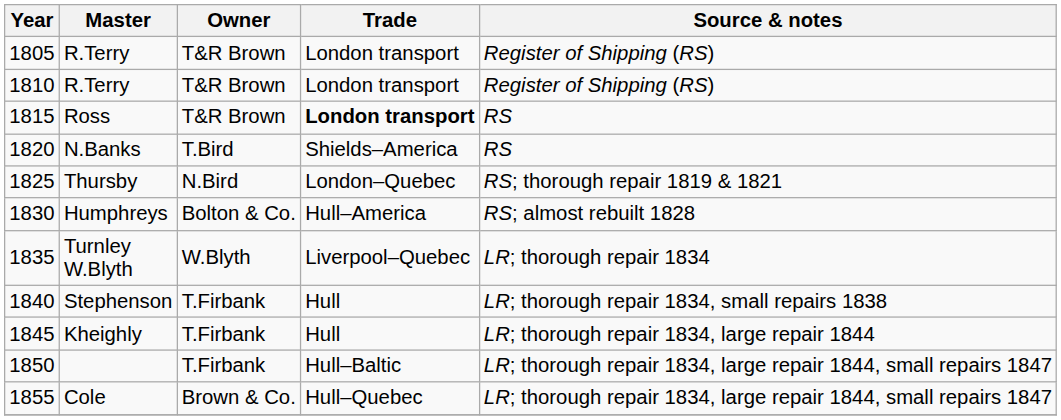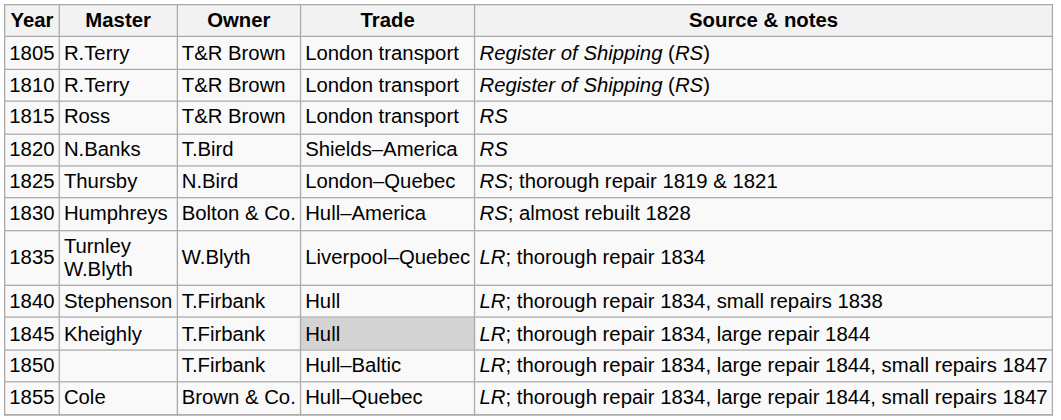 <table class=" wikitable">
 <tr>
 <th>Year</th>
 <th>Master</th>
 <th>Owner</th>
 <th>Trade</th>
 <th>Source & notes</th>
 </tr>
 <tr>
 <td>1805</td>
 <td>R.Terry</td>
 <td>T&R Brown</td>
 <td>London transport</td>
 <td><em>Register of Shipping</em> (<em>RS</em>)</td>
 </tr>
 <tr>
 <td>1810</td>
 <td>R.Terry</td>
 <td>T&R Brown</td>
 <td>London transport</td>
 <td><em>Register of Shipping</em> (<em>RS</em>)</td>
 </tr>
 <tr>
 <td>1815</td>
 <td>Ross</td>
 <td>T&R Brown</td>
-<td><strong>London transport</strong></td>
+<td>London transport</td>
 <td><em>RS</em></td>
 </tr>
 <tr>
 <td>1820</td>
 <td>N.Banks</td>
 <td>T.Bird</td>
 <td>Shields–America</td>
 <td><em>RS</em></td>
 </tr>
 <tr>
 <td>1825</td>
 <td>Thursby</td>
 <td>N.Bird</td>
 <td>London–Quebec</td>
 <td><em>RS</em>; thorough repair 1819 & 1821</td>
 </tr>
 <tr>
 <td>1830</td>
 <td>Humphreys</td>
 <td>Bolton & Co.</td>
 <td>Hull–America</td>
 <td><em>RS</em>; almost rebuilt 1828</td>
 </tr>
 <tr>
 <td>1835</td>
 <td>Turnley<br>W.Blyth</td>
 <td>W.Blyth</td>
 <td>Liverpool–Quebec</td>
 <td><em>LR</em>; thorough repair 1834</td>
 </tr>
 <tr>
 <td>1840</td>
 <td>Stephenson</td>
 <td>T.Firbank</td>
 <td>Hull</td>
 <td><em>LR</em>; thorough repair 1834, small repairs 1838</td>
 </tr>
 <tr>
 <td>1845</td>
 <td>Kheighly</td>
 <td>T.Firbank</td>
-<td>Hull</td>
+<td style="background: lightgrey;">Hull</td>
 <td><em>LR</em>; thorough repair 1834, large repair 1844</td>
 </tr>
 <tr>
 <td>1850</td>
 <td></td>
 <td>T.Firbank</td>
 <td>Hull–Baltic</td>
 <td><em>LR</em>; thorough repair 1834, large repair 1844, small repairs 1847</td>
 </tr>
 <tr>
 <td>1855</td>
 <td>Cole</td>
 <td>Brown & Co.</td>
 <td>Hull–Quebec</td>
 <td><em>LR</em>; thorough repair 1834, large repair 1844, small repairs 1847</td>
 </tr>
 <tr>
 </tr>
 </table>
